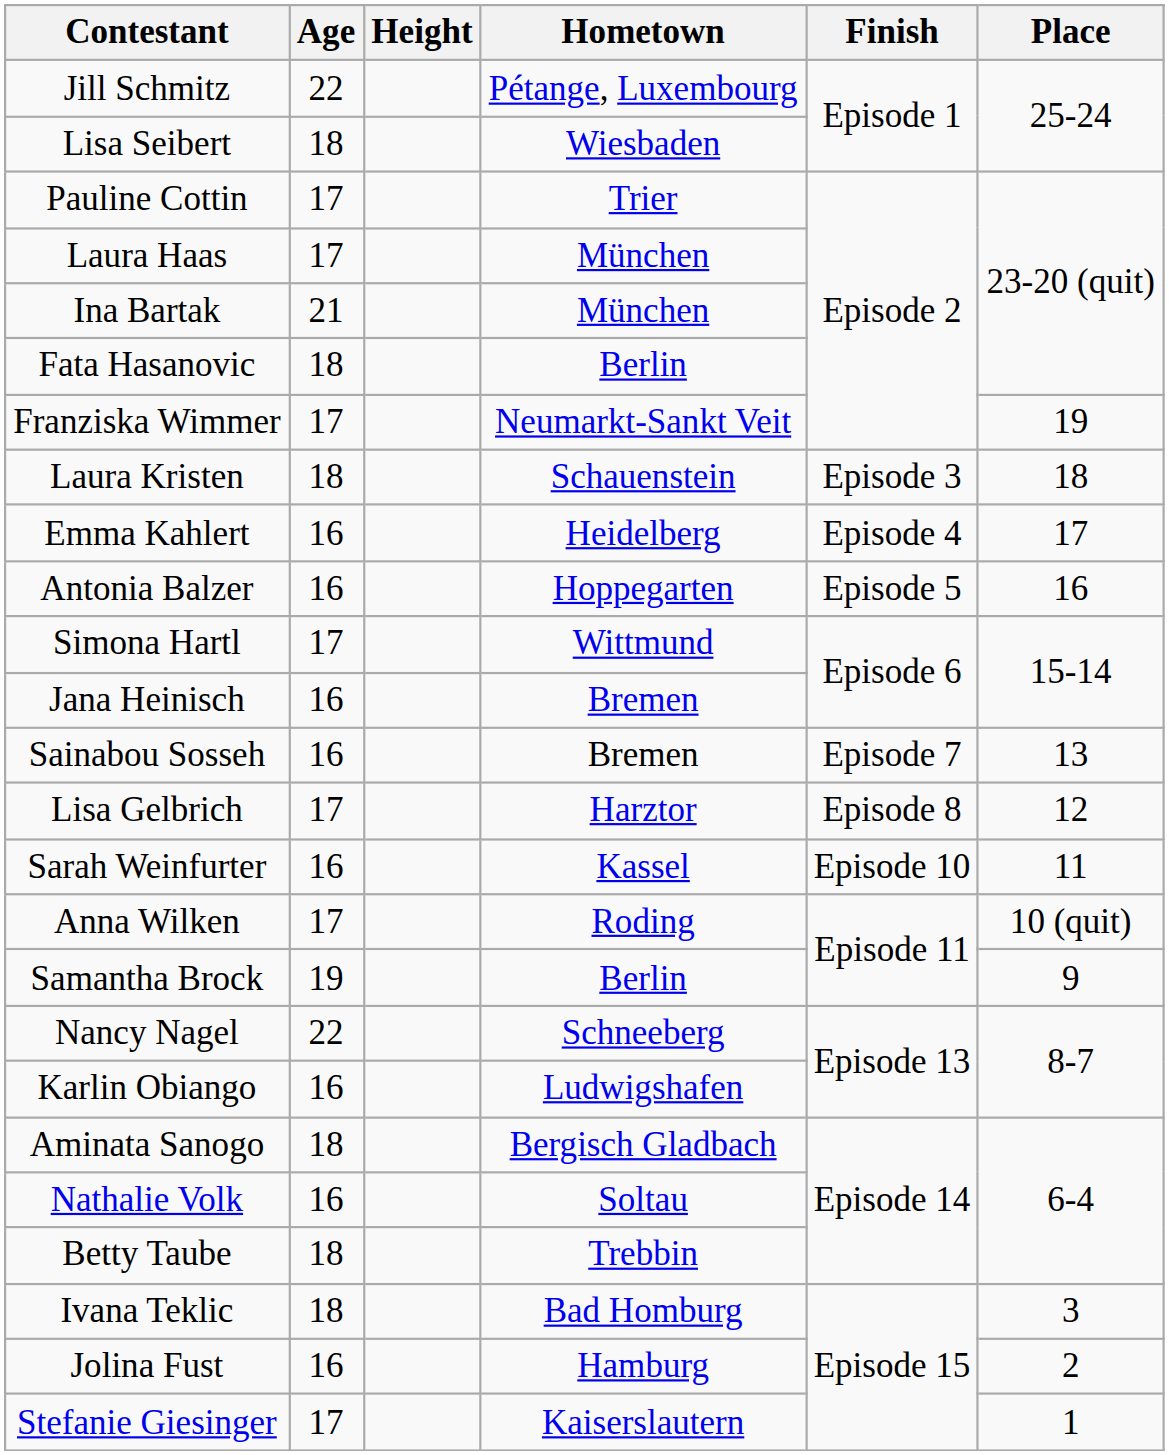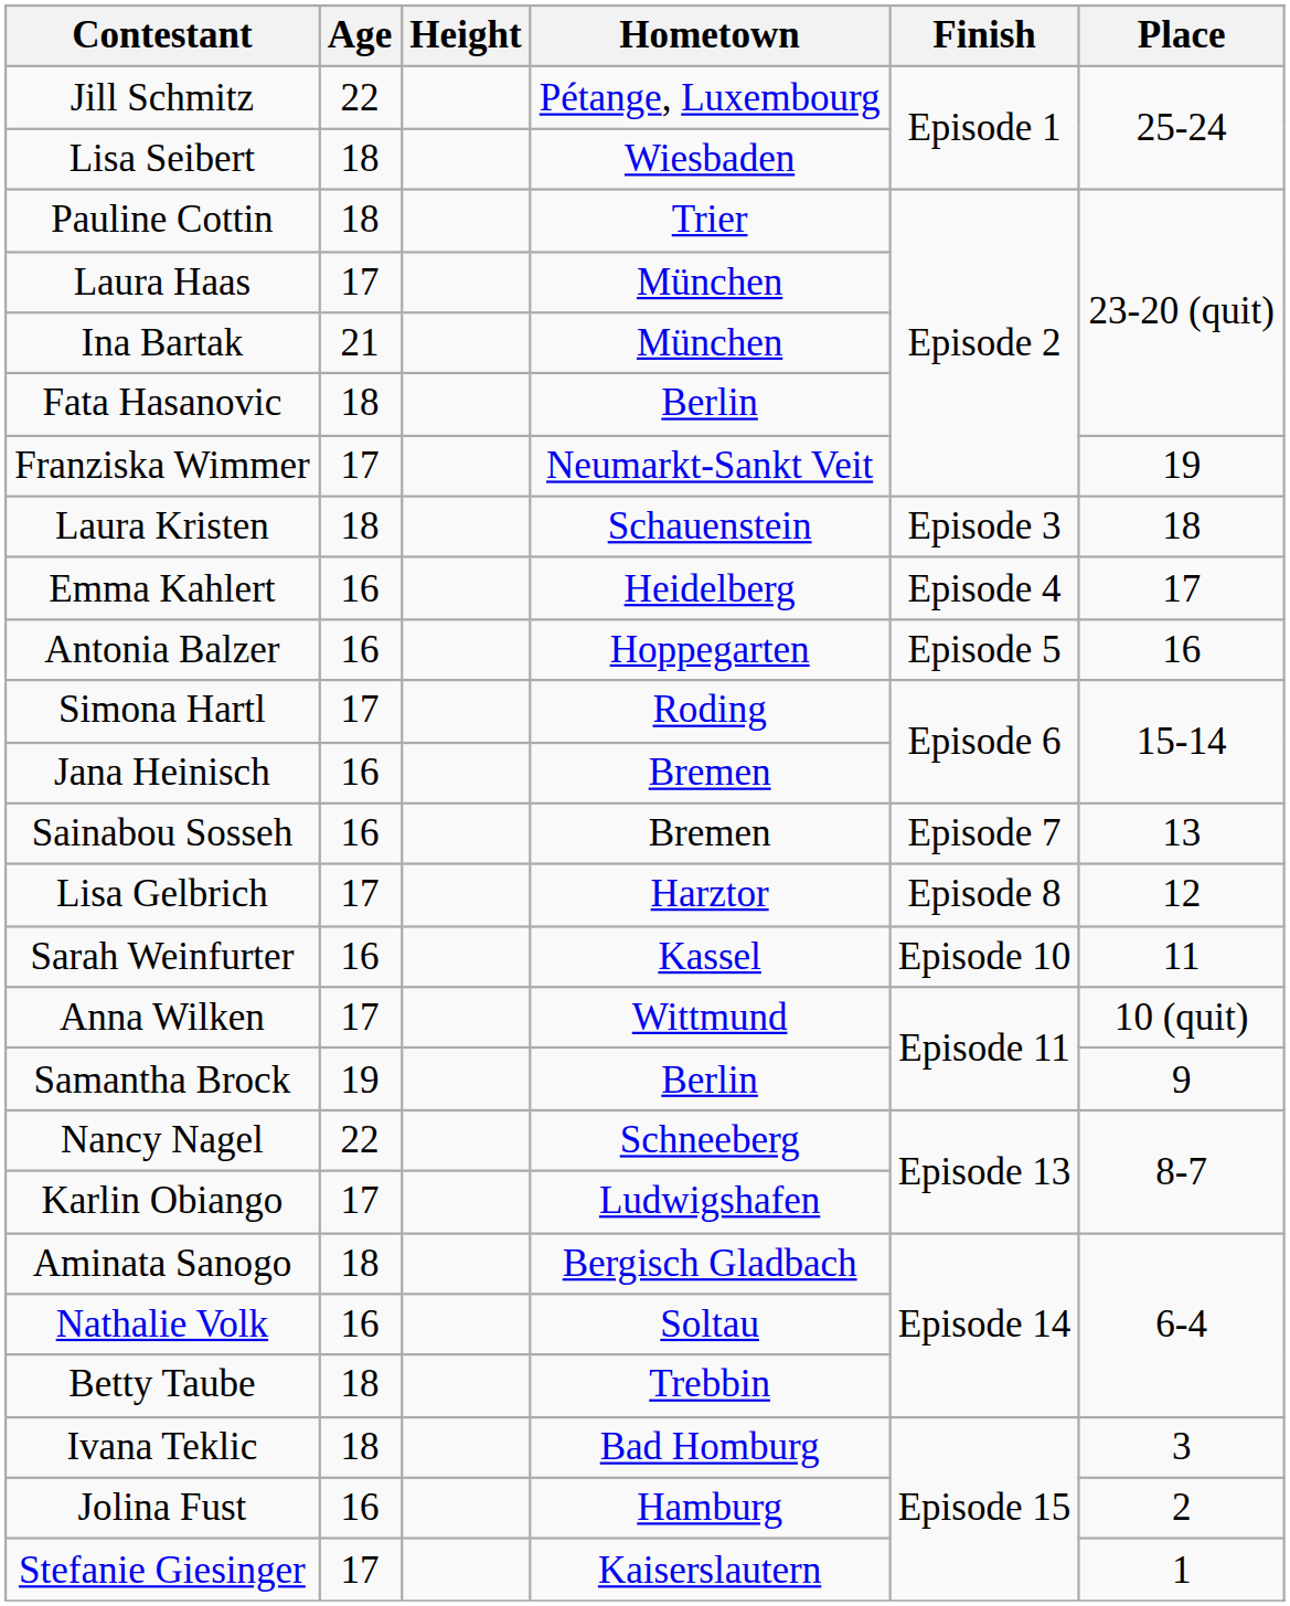 <table class="wikitable sortable" style="text-align:center;">
 <tr>
 <th>Contestant</th>
 <th>Age</th>
 <th>Height</th>
 <th>Hometown</th>
 <th>Finish</th>
 <th>Place</th>
 </tr>
 <tr>
 <td>Jill Schmitz</td>
 <td>22</td>
 <td></td>
 <td><a href='#'>Pétange</a>, <a href='#'>Luxembourg</a></td>
 <td rowspan="2">Episode 1</td>
 <td rowspan="2">25-24</td>
 </tr>
 <tr>
 <td>Lisa Seibert</td>
 <td>18</td>
 <td></td>
 <td><a href='#'>Wiesbaden</a></td>
 </tr>
 <tr>
 <td>Pauline Cottin</td>
-<td>17</td>
+<td>18</td>
 <td></td>
 <td><a href='#'>Trier</a></td>
 <td rowspan="5">Episode 2</td>
 <td rowspan="4">23-20 (quit)</td>
 </tr>
 <tr>
 <td>Laura Haas</td>
 <td>17</td>
 <td></td>
 <td><a href='#'>München</a></td>
 </tr>
 <tr>
 <td>Ina Bartak</td>
 <td>21</td>
 <td></td>
 <td><a href='#'>München</a></td>
 </tr>
 <tr>
 <td>Fata Hasanovic</td>
 <td>18</td>
 <td></td>
 <td><a href='#'>Berlin</a></td>
 </tr>
 <tr>
 <td>Franziska Wimmer</td>
 <td>17</td>
 <td></td>
 <td><a href='#'>Neumarkt-Sankt Veit</a></td>
 <td>19</td>
 </tr>
 <tr>
 <td>Laura Kristen</td>
 <td>18</td>
 <td></td>
 <td><a href='#'>Schauenstein</a></td>
 <td>Episode 3</td>
 <td>18</td>
 </tr>
 <tr>
 <td>Emma Kahlert</td>
 <td>16</td>
 <td></td>
 <td><a href='#'>Heidelberg</a></td>
 <td>Episode 4</td>
 <td>17</td>
 </tr>
 <tr>
 <td>Antonia Balzer</td>
 <td>16</td>
 <td></td>
 <td><a href='#'>Hoppegarten</a></td>
 <td>Episode 5</td>
 <td>16</td>
 </tr>
 <tr>
 <td>Simona Hartl</td>
 <td>17</td>
 <td></td>
-<td><a href='#'>Wittmund</a></td>
+<td><a href='#'>Roding</a></td>
 <td rowspan="2">Episode 6</td>
 <td rowspan="2">15-14</td>
 </tr>
 <tr>
 <td>Jana Heinisch</td>
 <td>16</td>
 <td></td>
 <td><a href='#'>Bremen</a></td>
 </tr>
 <tr>
 <td>Sainabou Sosseh</td>
 <td>16</td>
 <td></td>
 <td>Bremen</td>
 <td>Episode 7</td>
 <td>13</td>
 </tr>
 <tr>
 <td>Lisa Gelbrich</td>
 <td>17</td>
 <td></td>
 <td><a href='#'>Harztor</a></td>
 <td>Episode 8</td>
 <td>12</td>
 </tr>
 <tr>
 <td>Sarah Weinfurter</td>
 <td>16</td>
 <td></td>
 <td><a href='#'>Kassel</a></td>
 <td>Episode 10</td>
 <td>11</td>
 </tr>
 <tr>
 <td>Anna Wilken</td>
 <td>17</td>
 <td></td>
-<td><a href='#'>Roding</a></td>
+<td><a href='#'>Wittmund</a></td>
 <td rowspan="2">Episode 11</td>
 <td>10 (quit)</td>
 </tr>
 <tr>
 <td>Samantha Brock</td>
 <td>19</td>
 <td></td>
 <td><a href='#'>Berlin</a></td>
 <td>9</td>
 </tr>
 <tr>
 <td>Nancy Nagel</td>
 <td>22</td>
 <td></td>
 <td><a href='#'>Schneeberg</a></td>
 <td rowspan="2">Episode 13</td>
 <td rowspan="2">8-7</td>
 </tr>
 <tr>
 <td>Karlin Obiango</td>
-<td>16</td>
+<td>17</td>
 <td></td>
 <td><a href='#'>Ludwigshafen</a></td>
 </tr>
 <tr>
 <td>Aminata Sanogo</td>
 <td>18</td>
 <td></td>
 <td><a href='#'>Bergisch Gladbach</a></td>
 <td rowspan="3">Episode 14</td>
 <td rowspan="3">6-4</td>
 </tr>
 <tr>
 <td><a href='#'>Nathalie Volk</a></td>
 <td>16</td>
 <td></td>
 <td><a href='#'>Soltau</a></td>
 </tr>
 <tr>
 <td>Betty Taube</td>
 <td>18</td>
 <td></td>
 <td><a href='#'>Trebbin</a></td>
 </tr>
 <tr>
 <td>Ivana Teklic</td>
 <td>18</td>
 <td></td>
 <td><a href='#'>Bad Homburg</a></td>
 <td rowspan="3">Episode 15</td>
 <td>3</td>
 </tr>
 <tr>
 <td>Jolina Fust</td>
 <td>16</td>
 <td></td>
 <td><a href='#'>Hamburg</a></td>
 <td>2</td>
 </tr>
 <tr>
 <td><a href='#'>Stefanie Giesinger</a></td>
 <td>17</td>
 <td></td>
 <td><a href='#'>Kaiserslautern</a></td>
 <td>1</td>
 </tr>
 </table>
